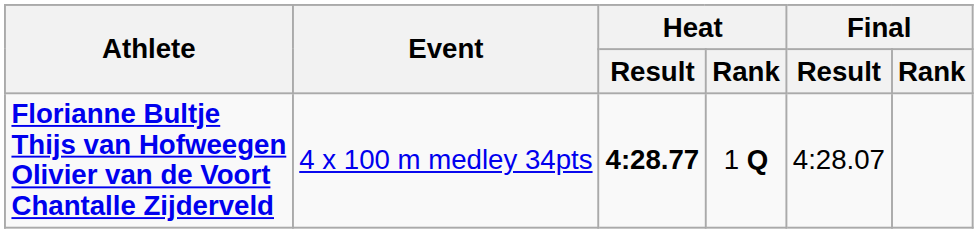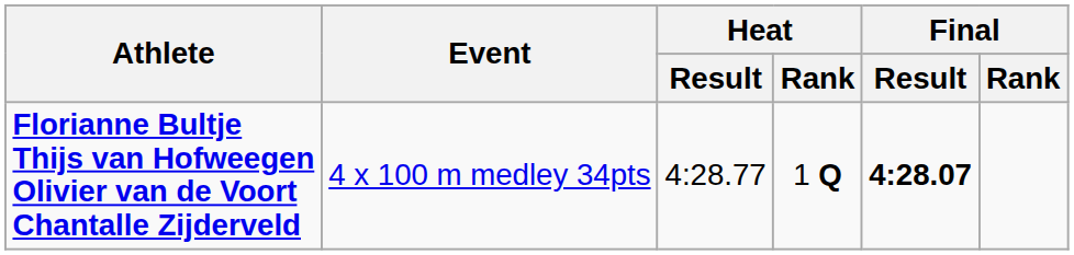 <table class=wikitable style="font-size:90%">
 <tr>
 <th rowspan="2">Athlete</th>
 <th rowspan="2">Event</th>
 <th colspan="2">Heat</th>
 <th colspan="2">Final</th>
 </tr>
 <tr>
 <th>Result</th>
 <th>Rank</th>
 <th>Result</th>
 <th>Rank</th>
 </tr>
 <tr align=center>
 <td align=left><strong><a href='#'>Florianne Bultje</a><br><a href='#'>Thijs van Hofweegen</a><br><a href='#'>Olivier van de Voort</a><br><a href='#'>Chantalle Zijderveld</a></strong></td>
 <td align=left><a href='#'>4 x 100 m medley 34pts</a></td>
-<td><strong>4:28.77</strong></td>
+<td>4:28.77</td>
 <td>1 <strong>Q</strong></td>
-<td>4:28.07</td>
+<td><strong>4:28.07</strong></td>
 <td></td>
 </tr>
 </table>
